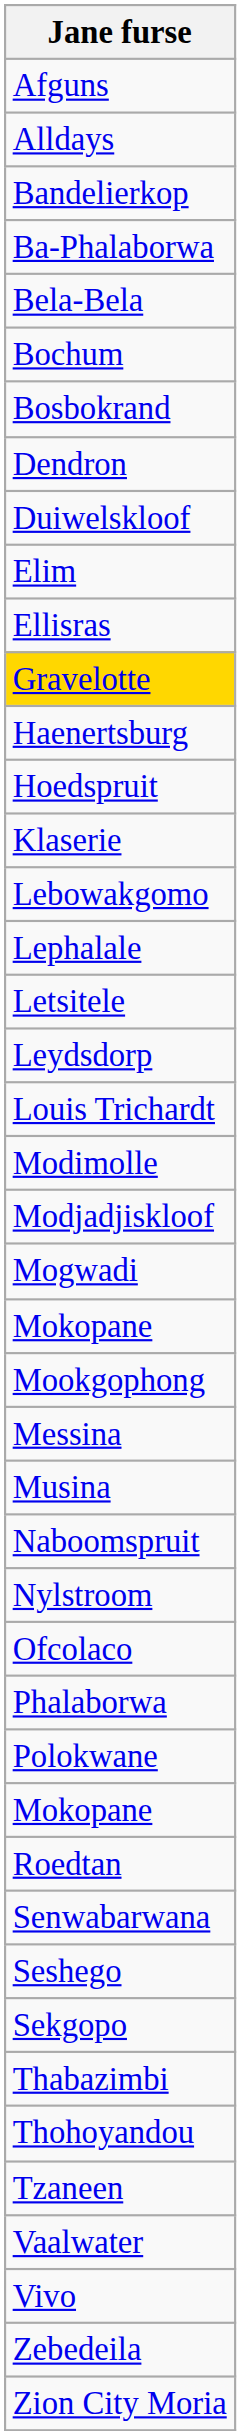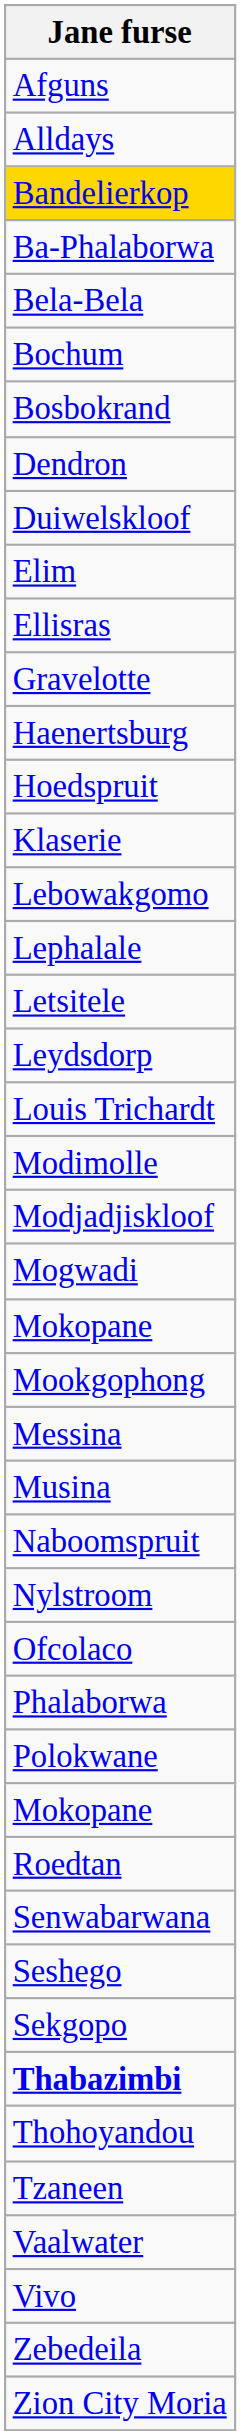 <table class="wikitable sortable" style="font-size: 95%;">
 <tr>
 <th>Jane furse</th>
 </tr>
 <tr>
 <td><a href='#'>Afguns</a></td>
 </tr>
 <tr>
 <td><a href='#'>Alldays</a></td>
 </tr>
 <tr>
-<td><a href='#'>Bandelierkop</a></td>
+<td style="background: gold;"><a href='#'>Bandelierkop</a></td>
 </tr>
 <tr>
 <td><a href='#'>Ba-Phalaborwa</a></td>
 </tr>
 <tr>
 <td><a href='#'>Bela-Bela</a></td>
 </tr>
 <tr>
 <td><a href='#'>Bochum</a></td>
 </tr>
 <tr>
 <td><a href='#'>Bosbokrand</a></td>
 </tr>
 <tr>
 <td><a href='#'>Dendron</a></td>
 </tr>
 <tr>
 <td><a href='#'>Duiwelskloof</a></td>
 </tr>
 <tr>
 <td><a href='#'>Elim</a></td>
 </tr>
 <tr>
 <td><a href='#'>Ellisras</a></td>
 </tr>
 <tr>
-<td style="background: gold;"><a href='#'>Gravelotte</a></td>
+<td><a href='#'>Gravelotte</a></td>
 </tr>
 <tr>
 <td><a href='#'>Haenertsburg</a></td>
 </tr>
 <tr>
 <td><a href='#'>Hoedspruit</a></td>
 </tr>
 <tr>
 <td><a href='#'>Klaserie</a></td>
 </tr>
 <tr>
 <td><a href='#'>Lebowakgomo</a></td>
 </tr>
 <tr>
 <td><a href='#'>Lephalale</a></td>
 </tr>
 <tr>
 <td><a href='#'>Letsitele</a></td>
 </tr>
 <tr>
 <td><a href='#'>Leydsdorp</a></td>
 </tr>
 <tr>
 <td><a href='#'>Louis Trichardt</a></td>
 </tr>
 <tr>
 <td><a href='#'>Modimolle</a></td>
 </tr>
 <tr>
 <td><a href='#'>Modjadjiskloof</a></td>
 </tr>
 <tr>
 <td><a href='#'>Mogwadi</a></td>
 </tr>
 <tr>
 <td><a href='#'>Mokopane</a></td>
 </tr>
 <tr>
 <td><a href='#'>Mookgophong</a></td>
 </tr>
 <tr>
 <td><a href='#'>Messina</a></td>
 </tr>
 <tr>
 <td><a href='#'>Musina</a></td>
 </tr>
 <tr>
 <td><a href='#'>Naboomspruit</a></td>
 </tr>
 <tr>
 <td><a href='#'>Nylstroom</a></td>
 </tr>
 <tr>
 <td><a href='#'>Ofcolaco</a></td>
 </tr>
 <tr>
 <td><a href='#'>Phalaborwa</a></td>
 </tr>
 <tr>
 <td><a href='#'>Polokwane</a></td>
 </tr>
 <tr>
 <td><a href='#'>Mokopane</a></td>
 </tr>
 <tr>
 <td><a href='#'>Roedtan</a></td>
 </tr>
 <tr>
 <td><a href='#'>Senwabarwana</a></td>
 </tr>
 <tr>
 <td><a href='#'>Seshego</a></td>
 </tr>
 <tr>
 <td><a href='#'>Sekgopo</a></td>
 </tr>
 <tr>
-<td><a href='#'>Thabazimbi</a></td>
+<td><strong><a href='#'>Thabazimbi</a></strong></td>
 </tr>
 <tr>
 <td><a href='#'>Thohoyandou</a></td>
 </tr>
 <tr>
 <td><a href='#'>Tzaneen</a></td>
 </tr>
 <tr>
 <td><a href='#'>Vaalwater</a></td>
 </tr>
 <tr>
 <td><a href='#'>Vivo</a></td>
 </tr>
 <tr>
 <td><a href='#'>Zebedeila</a></td>
 </tr>
 <tr>
 <td><a href='#'>Zion City Moria</a></td>
 </tr>
 </table>
